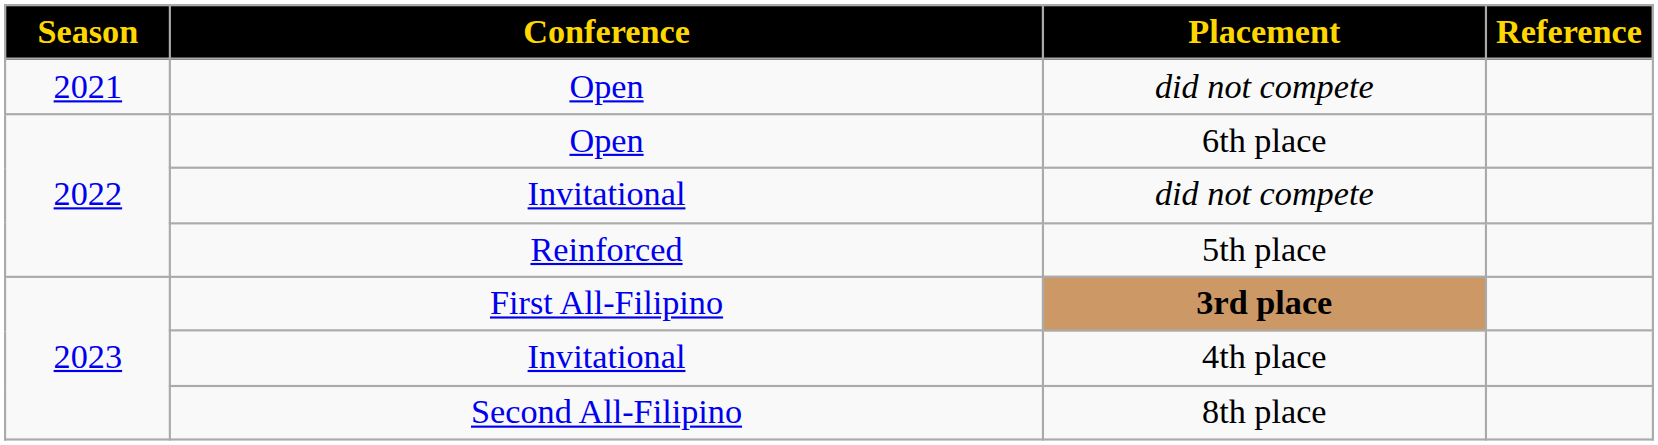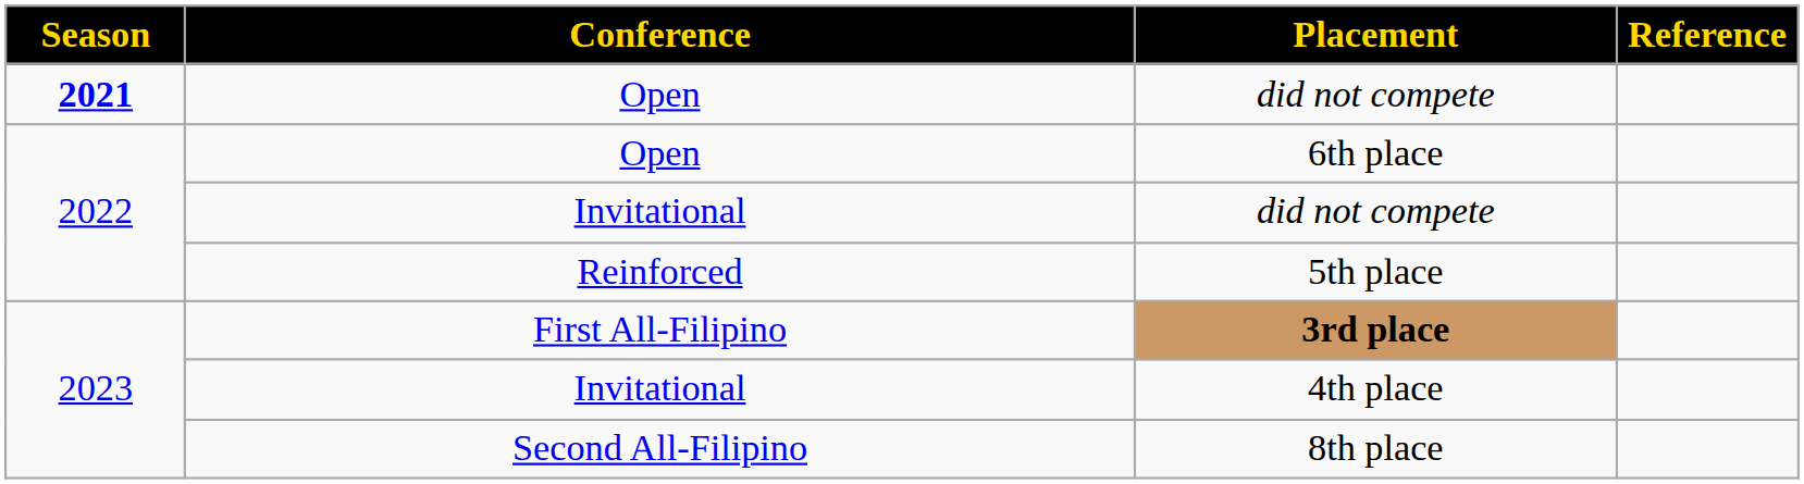 <table class="wikitable">
 <tr>
 <th width=70px  style="background: #000000; color: gold; text-align: center"><strong>Season</strong></th>
 <th width=400px style="background: #000000; color: gold; text-align: center"><strong>Conference</strong></th>
 <th width=200px style="background: #000000; color: gold; text-align: center"><strong>Placement</strong></th>
 <th width=70px style="background: #000000; color: gold; text-align: center"><strong>Reference</strong></th>
 </tr>
 <tr align=center>
-<td><a href='#'>2021</a></td>
+<td><strong><a href='#'>2021</a></strong></td>
 <td><a href='#'>Open</a></td>
 <td><em>did not compete</em></td>
 <td></td>
 </tr>
 <tr align=center>
 <td rowspan=3><a href='#'>2022</a></td>
 <td><a href='#'>Open</a></td>
 <td>6th place</td>
 <td></td>
 </tr>
 <tr align=center>
 <td><a href='#'>Invitational</a></td>
 <td><em>did not compete</em></td>
 <td></td>
 </tr>
 <tr align=center>
 <td><a href='#'>Reinforced</a></td>
 <td>5th place</td>
 <td></td>
 </tr>
 <tr align=center>
 <td rowspan=3><a href='#'>2023</a></td>
 <td><a href='#'>First All-Filipino</a></td>
 <td style="background:#CC9966;"><strong>3rd place</strong></td>
 <td></td>
 </tr>
 <tr align=center>
 <td><a href='#'>Invitational</a></td>
 <td>4th place</td>
 <td></td>
 </tr>
 <tr align=center>
 <td><a href='#'>Second All-Filipino</a></td>
 <td>8th place</td>
 <td></td>
 </tr>
 </table>
